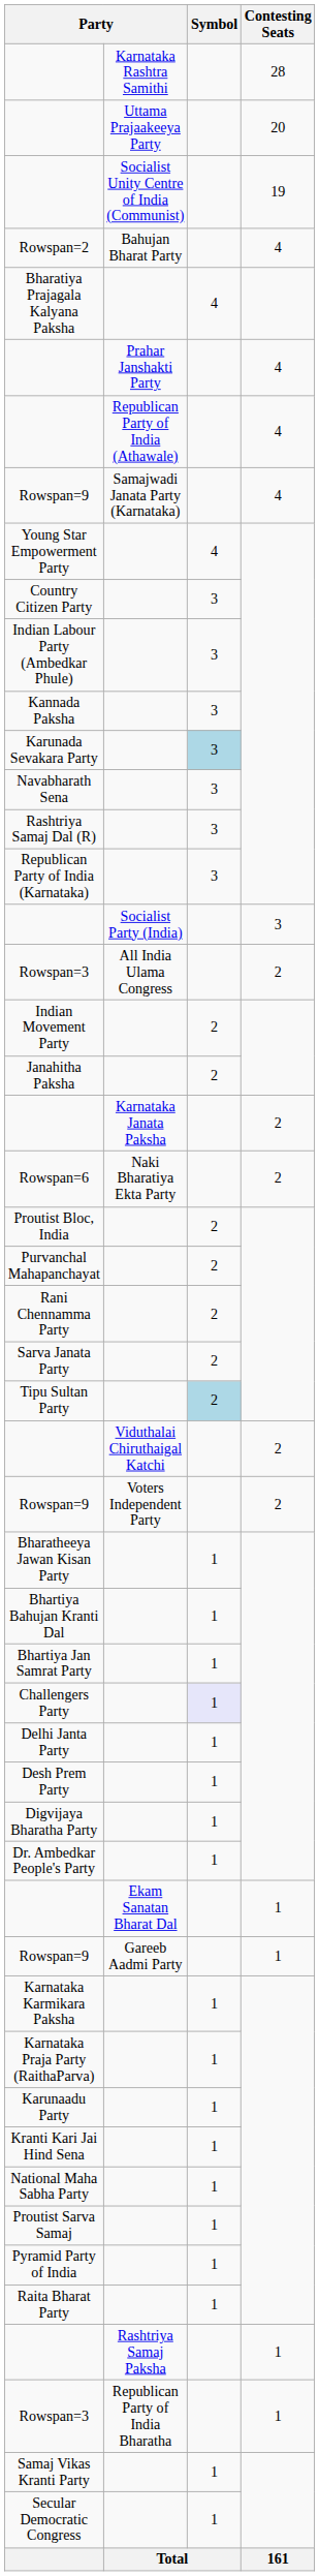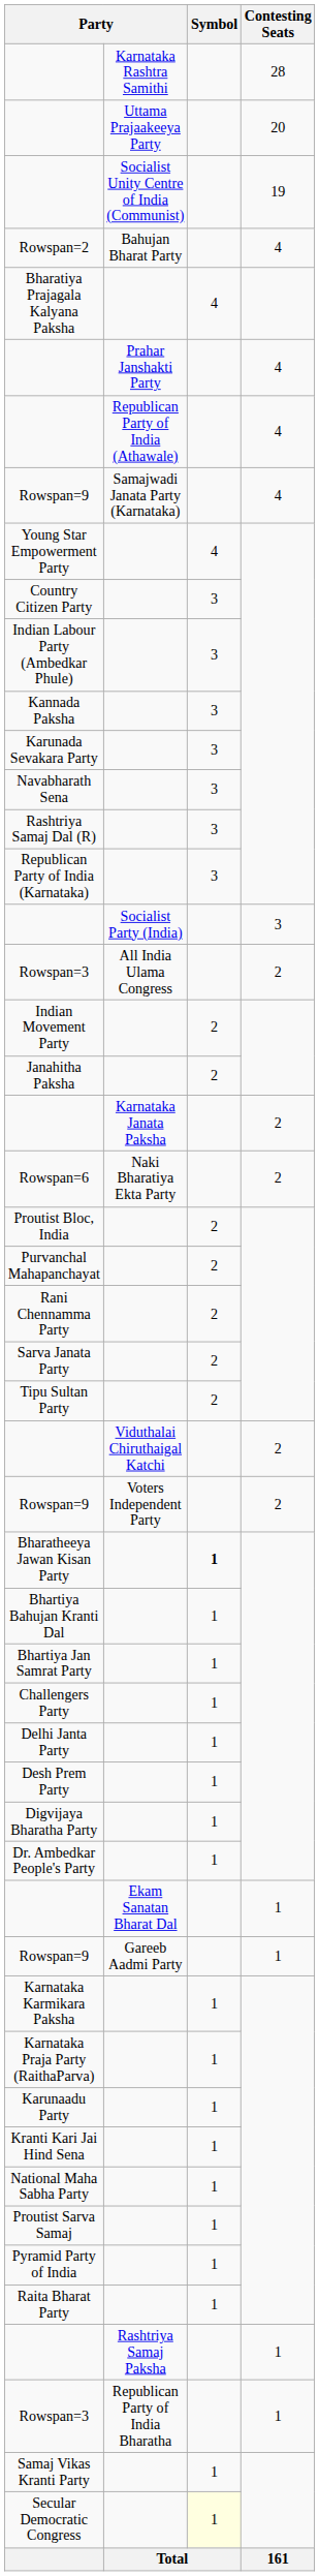 <table class="wikitable " width="50%" style="text-align:center">
 <tr>
 <th colspan="2">Party</th>
 <th>Symbol</th>
 <th>Contesting Seats</th>
 </tr>
 <tr>
 <td></td>
 <td><a href='#'>Karnataka Rashtra Samithi</a></td>
 <td></td>
 <td>28</td>
 </tr>
 <tr>
 <td></td>
 <td><a href='#'>Uttama Prajaakeeya Party</a></td>
 <td></td>
 <td>20</td>
 </tr>
 <tr>
 <td></td>
 <td><a href='#'>Socialist Unity Centre of India (Communist)</a></td>
 <td></td>
 <td>19</td>
 </tr>
 <tr>
 <td>Rowspan=2 </td>
 <td>Bahujan Bharat Party</td>
 <td></td>
 <td>4</td>
 </tr>
 <tr>
 <td>Bharatiya Prajagala Kalyana Paksha</td>
 <td></td>
 <td>4</td>
 </tr>
 <tr>
 <td></td>
 <td><a href='#'>Prahar Janshakti Party</a></td>
 <td></td>
 <td>4</td>
 </tr>
 <tr>
 <td></td>
 <td><a href='#'>Republican Party of India (Athawale)</a></td>
 <td></td>
 <td>4</td>
 </tr>
 <tr>
 <td>Rowspan=9 </td>
 <td>Samajwadi Janata Party (Karnataka)</td>
 <td></td>
 <td>4</td>
 </tr>
 <tr>
 <td>Young Star Empowerment Party</td>
 <td></td>
 <td>4</td>
 </tr>
 <tr>
 <td>Country Citizen Party</td>
 <td></td>
 <td>3</td>
 </tr>
 <tr>
 <td>Indian Labour Party (Ambedkar Phule)</td>
 <td></td>
 <td>3</td>
 </tr>
 <tr>
 <td>Kannada Paksha</td>
 <td></td>
 <td>3</td>
 </tr>
 <tr>
 <td>Karunada Sevakara Party</td>
 <td></td>
-<td style="background: lightblue;">3</td>
+<td>3</td>
 </tr>
 <tr>
 <td>Navabharath Sena</td>
 <td></td>
 <td>3</td>
 </tr>
 <tr>
 <td>Rashtriya Samaj Dal (R)</td>
 <td></td>
 <td>3</td>
 </tr>
 <tr>
 <td>Republican Party of India (Karnataka)</td>
 <td></td>
 <td>3</td>
 </tr>
 <tr>
 <td></td>
 <td><a href='#'>Socialist Party (India)</a></td>
 <td></td>
 <td>3</td>
 </tr>
 <tr>
 <td>Rowspan=3 </td>
 <td>All India Ulama Congress</td>
 <td></td>
 <td>2</td>
 </tr>
 <tr>
 <td>Indian Movement Party</td>
 <td></td>
 <td>2</td>
 </tr>
 <tr>
 <td>Janahitha Paksha</td>
 <td></td>
 <td>2</td>
 </tr>
 <tr>
 <td></td>
 <td><a href='#'>Karnataka Janata Paksha</a></td>
 <td></td>
 <td>2</td>
 </tr>
 <tr>
 <td>Rowspan=6 </td>
 <td>Naki Bharatiya Ekta Party</td>
 <td></td>
 <td>2</td>
 </tr>
 <tr>
 <td>Proutist Bloc, India</td>
 <td></td>
 <td>2</td>
 </tr>
 <tr>
 <td>Purvanchal Mahapanchayat</td>
 <td></td>
 <td>2</td>
 </tr>
 <tr>
 <td>Rani Chennamma Party</td>
 <td></td>
 <td>2</td>
 </tr>
 <tr>
 <td>Sarva Janata Party</td>
 <td></td>
 <td>2</td>
 </tr>
 <tr>
 <td>Tipu Sultan Party</td>
 <td></td>
-<td style="background: lightblue;">2</td>
+<td>2</td>
 </tr>
 <tr>
 <td></td>
 <td><a href='#'>Viduthalai Chiruthaigal Katchi</a></td>
 <td></td>
 <td>2</td>
 </tr>
 <tr>
 <td>Rowspan=9 </td>
 <td>Voters Independent Party</td>
 <td></td>
 <td>2</td>
 </tr>
 <tr>
 <td>Bharatheeya Jawan Kisan Party</td>
 <td></td>
-<td>1</td>
+<td><strong>1</strong></td>
 </tr>
 <tr>
 <td>Bhartiya Bahujan Kranti Dal</td>
 <td></td>
 <td>1</td>
 </tr>
 <tr>
 <td>Bhartiya Jan Samrat Party</td>
 <td></td>
 <td>1</td>
 </tr>
 <tr>
 <td>Challengers Party</td>
 <td></td>
-<td style="background: lavender;">1</td>
+<td>1</td>
 </tr>
 <tr>
 <td>Delhi Janta Party</td>
 <td></td>
 <td>1</td>
 </tr>
 <tr>
 <td>Desh Prem Party</td>
 <td></td>
 <td>1</td>
 </tr>
 <tr>
 <td>Digvijaya Bharatha Party</td>
 <td></td>
 <td>1</td>
 </tr>
 <tr>
 <td>Dr. Ambedkar People's Party</td>
 <td></td>
 <td>1</td>
 </tr>
 <tr>
 <td></td>
 <td><a href='#'>Ekam Sanatan Bharat Dal</a></td>
 <td></td>
 <td>1</td>
 </tr>
 <tr>
 <td>Rowspan=9 </td>
 <td>Gareeb Aadmi Party</td>
 <td></td>
 <td>1</td>
 </tr>
 <tr>
 <td>Karnataka Karmikara Paksha</td>
 <td></td>
 <td>1</td>
 </tr>
 <tr>
 <td>Karnataka Praja Party (RaithaParva)</td>
 <td></td>
 <td>1</td>
 </tr>
 <tr>
 <td>Karunaadu Party</td>
 <td></td>
 <td>1</td>
 </tr>
 <tr>
 <td>Kranti Kari Jai Hind Sena</td>
 <td></td>
 <td>1</td>
 </tr>
 <tr>
 <td>National Maha Sabha Party</td>
 <td></td>
 <td>1</td>
 </tr>
 <tr>
 <td>Proutist Sarva Samaj</td>
 <td></td>
 <td>1</td>
 </tr>
 <tr>
 <td>Pyramid Party of India</td>
 <td></td>
 <td>1</td>
 </tr>
 <tr>
 <td>Raita Bharat Party</td>
 <td></td>
 <td>1</td>
 </tr>
 <tr>
 <td></td>
 <td><a href='#'>Rashtriya Samaj Paksha</a></td>
 <td></td>
 <td>1</td>
 </tr>
 <tr>
 <td>Rowspan=3 </td>
 <td>Republican Party of India Bharatha</td>
 <td></td>
 <td>1</td>
 </tr>
 <tr>
 <td>Samaj Vikas Kranti Party</td>
 <td></td>
 <td>1</td>
 </tr>
 <tr>
 <td>Secular Democratic Congress</td>
 <td></td>
-<td>1</td>
+<td style="background: lightyellow;">1</td>
 </tr>
 <tr>
 <th></th>
 <th colspan="2">Total</th>
 <th>161</th>
 </tr>
 </table>
